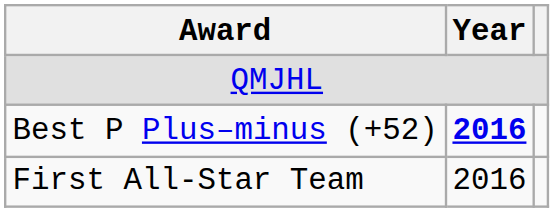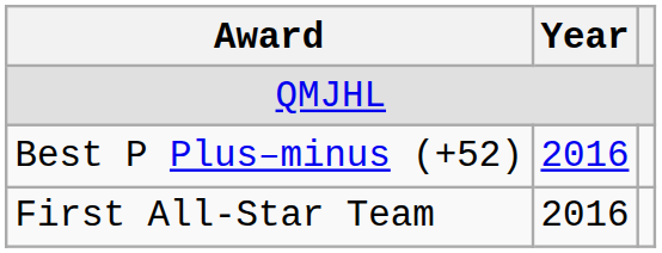 <table class="wikitable">
 <tr>
 <th>Award</th>
 <th>Year</th>
 <th></th>
 </tr>
 <tr ALIGN="center" bgcolor="#e0e0e0">
 <td colspan="3"><a href='#'>QMJHL</a></td>
 </tr>
 <tr>
 <td>Best P <a href='#'>Plus–minus</a> (+52)</td>
-<td><strong><a href='#'>2016</a></strong></td>
+<td><a href='#'>2016</a></td>
 <td></td>
 </tr>
 <tr>
 <td>First All-Star Team</td>
 <td>2016</td>
 <td></td>
 </tr>
 </table>
